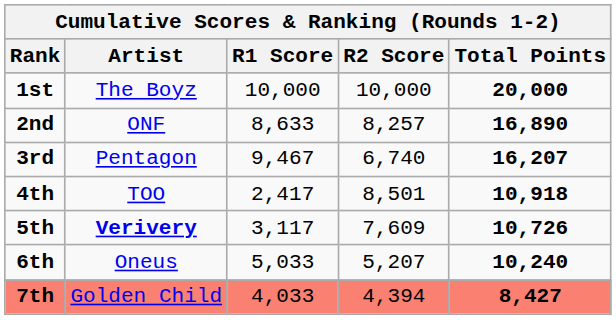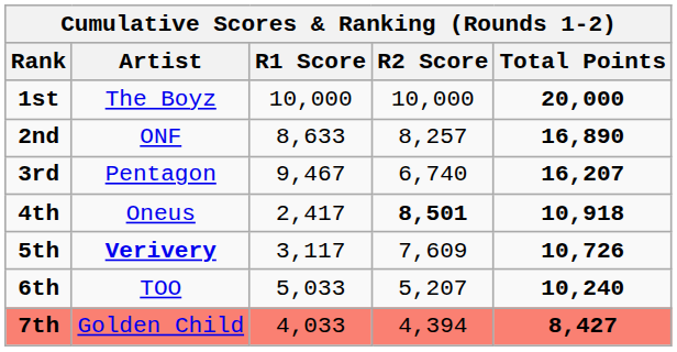 <table class="wikitable sortable" style="text-align:center">
 <tr>
 <th colspan="5">Cumulative Scores & Ranking (Rounds 1-2)</th>
 </tr>
 <tr>
 <th>Rank</th>
 <th>Artist</th>
 <th>R1 Score<br></th>
 <th>R2 Score<br></th>
 <th>Total Points<br></th>
 </tr>
 <tr>
 <td><strong>1st</strong></td>
 <td><a href='#'>The Boyz</a></td>
 <td>10,000</td>
 <td>10,000</td>
 <td><strong>20,000</strong></td>
 </tr>
 <tr>
 <td><strong>2nd</strong></td>
 <td><a href='#'>ONF</a></td>
 <td>8,633</td>
 <td>8,257</td>
 <td><strong>16,890</strong></td>
 </tr>
 <tr>
 <td><strong>3rd</strong></td>
 <td><a href='#'>Pentagon</a></td>
 <td>9,467</td>
 <td>6,740</td>
 <td><strong>16,207</strong></td>
 </tr>
 <tr>
 <td><strong>4th</strong></td>
-<td><a href='#'>TOO</a></td>
+<td><a href='#'>Oneus</a></td>
 <td>2,417</td>
-<td>8,501</td>
+<td><strong>8,501</strong></td>
 <td><strong>10,918</strong></td>
 </tr>
 <tr>
 <td><strong>5th</strong></td>
 <td><strong><a href='#'>Verivery</a></strong></td>
 <td>3,117</td>
 <td>7,609</td>
 <td><strong>10,726</strong></td>
 </tr>
 <tr>
 <td><strong>6th</strong></td>
-<td><a href='#'>Oneus</a></td>
+<td><a href='#'>TOO</a></td>
 <td>5,033</td>
 <td>5,207</td>
 <td><strong>10,240</strong></td>
 </tr>
 <tr>
 <td style="background:#FA8072"><strong>7th</strong></td>
 <td style="background:#FA8072"><a href='#'>Golden Child</a></td>
 <td style="background:#FA8072">4,033</td>
 <td style="background:#FA8072">4,394</td>
 <td style="background:#FA8072"><strong>8,427</strong></td>
 </tr>
 </table>
